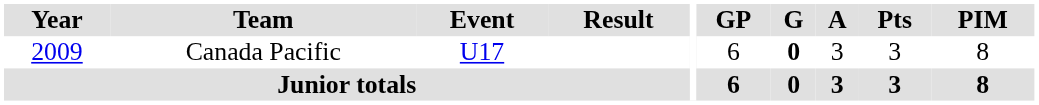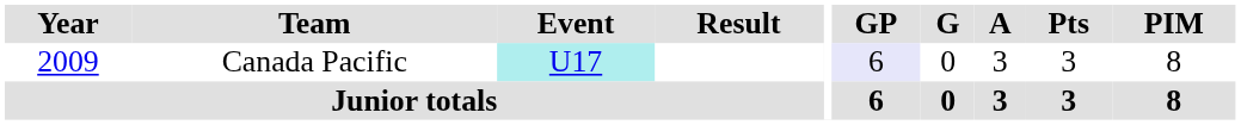 <table border="0" cellpadding="1" cellspacing="0" ID="Table3" style="text-align:center; width:40em">
 <tr bgcolor="#e0e0e0">
 <th>Year</th>
 <th>Team</th>
 <th>Event</th>
 <th>Result</th>
 <th rowspan="99" bgcolor="#ffffff"></th>
 <th>GP</th>
 <th>G</th>
 <th>A</th>
 <th>Pts</th>
 <th>PIM</th>
 </tr>
 <tr>
 <td><a href='#'>2009</a></td>
 <td>Canada Pacific</td>
-<td><a href='#'>U17</a></td>
+<td style="background: paleturquoise;"><a href='#'>U17</a></td>
 <td></td>
-<td>6</td>
-<td><strong>0</strong></td>
+<td style="background: lavender;">6</td>
+<td>0</td>
 <td>3</td>
 <td>3</td>
 <td>8</td>
 </tr>
 <tr bgcolor="#e0e0e0">
 <th colspan="4">Junior totals</th>
 <th>6</th>
 <th>0</th>
 <th>3</th>
 <th>3</th>
 <th>8</th>
 </tr>
 </table>
